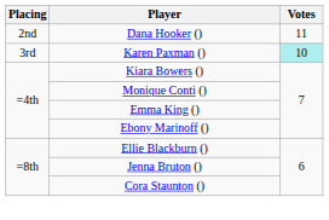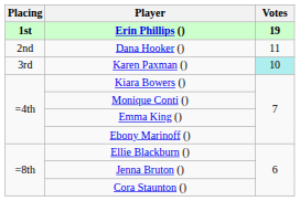 <table class="wikitable" style="text-align:center; margin:1em auto;">
 <tr>
 <th style="width:50px">Placing</th>
 <th style="width:300px">Player</th>
 <th style="width:50px">Votes</th>
+</tr>
+<tr style="background:#cfc">
+<td><strong>1st</strong></td>
+<td><strong><a href='#'>Erin Phillips</a> ()</strong></td>
+<td><strong>19</strong></td>
 </tr>
 <tr>
 <td>2nd</td>
 <td><a href='#'>Dana Hooker</a> ()</td>
 <td>11</td>
 </tr>
 <tr>
 <td>3rd</td>
 <td><a href='#'>Karen Paxman</a> ()</td>
 <td style="background: paleturquoise;">10</td>
 </tr>
 <tr>
 <td rowspan=4>=4th</td>
 <td><a href='#'>Kiara Bowers</a> ()</td>
 <td rowspan=4>7</td>
 </tr>
 <tr>
 <td><a href='#'>Monique Conti</a> ()</td>
 </tr>
 <tr>
 <td><a href='#'>Emma King</a> ()</td>
 </tr>
 <tr>
 <td><a href='#'>Ebony Marinoff</a> ()</td>
 </tr>
 <tr>
 <td rowspan=3>=8th</td>
 <td><a href='#'>Ellie Blackburn</a> ()</td>
 <td rowspan=3>6</td>
 </tr>
 <tr>
 <td><a href='#'>Jenna Bruton</a> ()</td>
 </tr>
 <tr>
 <td><a href='#'>Cora Staunton</a> ()</td>
 </tr>
 </table>
